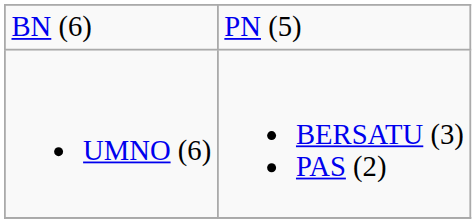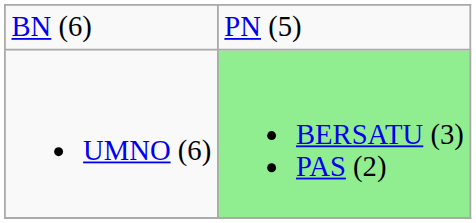 <table class="wikitable">
 <tr>
 <td> <a href='#'>BN</a> (6)</td>
 <td> <a href='#'>PN</a> (5)</td>
 </tr>
 <tr>
 <td><br><ul><li> <a href='#'>UMNO</a> (6)</li></ul></td>
-<td><br><ul><li> <a href='#'>BERSATU</a> (3)</li><li> <a href='#'>PAS</a> (2)</li></ul></td>
+<td style="background: lightgreen;"><br><ul><li> <a href='#'>BERSATU</a> (3)</li><li> <a href='#'>PAS</a> (2)</li></ul></td>
 </tr>
 <tr>
 </tr>
 </table>
